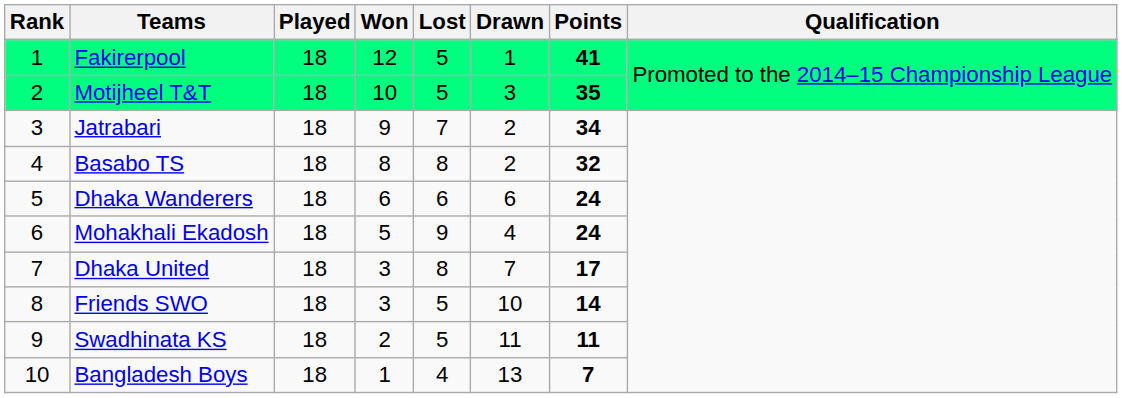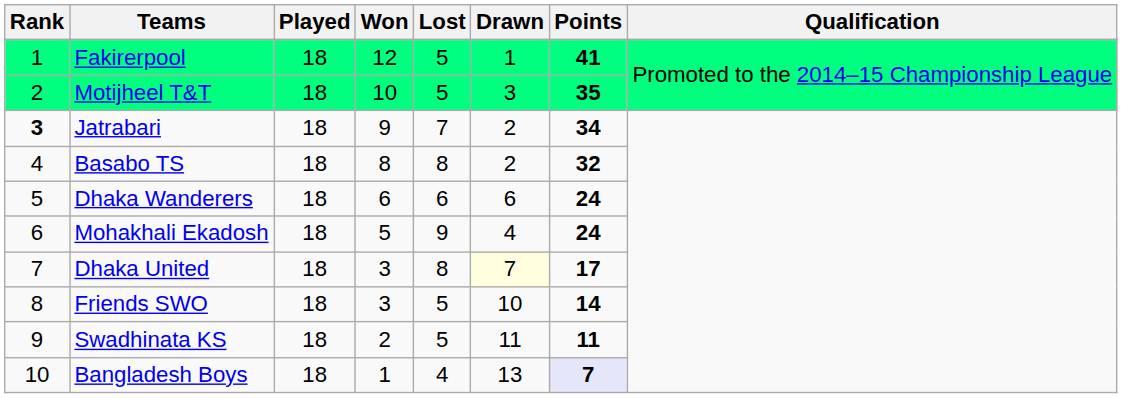 <table class="wikitable">
 <tr>
 <th>Rank</th>
 <th>Teams</th>
 <th>Played</th>
 <th>Won</th>
 <th>Lost</th>
 <th>Drawn</th>
 <th>Points</th>
 <th>Qualification</th>
 </tr>
 <tr>
 </tr>
 <tr bgcolor=#00FF7F>
 <td style="text-align:center">1</td>
 <td><a href='#'>Fakirerpool</a></td>
 <td style="text-align:center">18</td>
 <td style="text-align:center">12</td>
 <td style="text-align:center">5</td>
 <td style="text-align:center">1</td>
 <td style="text-align:center"><strong>41</strong></td>
 <td rowspan=2>Promoted to the <a href='#'>2014–15 Championship League</a></td>
 </tr>
 <tr bgcolor=#00FF7F>
 <td style="text-align:center">2</td>
 <td><a href='#'>Motijheel T&T</a></td>
 <td style="text-align:center">18</td>
 <td style="text-align:center">10</td>
 <td style="text-align:center">5</td>
 <td style="text-align:center">3</td>
 <td style="text-align:center"><strong>35</strong></td>
 </tr>
 <tr>
-<td style="text-align:center">3</td>
+<td style="text-align:center"><strong>3</strong></td>
 <td><a href='#'>Jatrabari</a></td>
 <td style="text-align:center">18</td>
 <td style="text-align:center">9</td>
 <td style="text-align:center">7</td>
 <td style="text-align:center">2</td>
 <td style="text-align:center"><strong>34</strong></td>
 </tr>
 <tr>
 <td style="text-align:center">4</td>
 <td><a href='#'>Basabo TS</a></td>
 <td style="text-align:center">18</td>
 <td style="text-align:center">8</td>
 <td style="text-align:center">8</td>
 <td style="text-align:center">2</td>
 <td style="text-align:center"><strong>32</strong></td>
 </tr>
 <tr>
 <td style="text-align:center">5</td>
 <td><a href='#'>Dhaka Wanderers</a></td>
 <td style="text-align:center">18</td>
 <td style="text-align:center">6</td>
 <td style="text-align:center">6</td>
 <td style="text-align:center">6</td>
 <td style="text-align:center"><strong>24</strong></td>
 </tr>
 <tr>
 <td style="text-align:center">6</td>
 <td><a href='#'>Mohakhali Ekadosh</a></td>
 <td style="text-align:center">18</td>
 <td style="text-align:center">5</td>
 <td style="text-align:center">9</td>
 <td style="text-align:center">4</td>
 <td style="text-align:center"><strong>24</strong></td>
 </tr>
 <tr>
 <td style="text-align:center">7</td>
 <td><a href='#'>Dhaka United</a></td>
 <td style="text-align:center">18</td>
 <td style="text-align:center">3</td>
 <td style="text-align:center">8</td>
-<td style="text-align:center">7</td>
+<td style="background: lightyellow; text-align:center">7</td>
 <td style="text-align:center"><strong>17</strong></td>
 </tr>
 <tr>
 <td style="text-align:center">8</td>
 <td><a href='#'>Friends SWO</a></td>
 <td style="text-align:center">18</td>
 <td style="text-align:center">3</td>
 <td style="text-align:center">5</td>
 <td style="text-align:center">10</td>
 <td style="text-align:center"><strong>14</strong></td>
 </tr>
 <tr>
 <td style="text-align:center">9</td>
 <td><a href='#'>Swadhinata KS</a></td>
 <td style="text-align:center">18</td>
 <td style="text-align:center">2</td>
 <td style="text-align:center">5</td>
 <td style="text-align:center">11</td>
 <td style="text-align:center"><strong>11</strong></td>
 </tr>
 <tr>
 <td style="text-align:center">10</td>
 <td><a href='#'>Bangladesh Boys</a></td>
 <td style="text-align:center">18</td>
 <td style="text-align:center">1</td>
 <td style="text-align:center">4</td>
 <td style="text-align:center">13</td>
-<td style="text-align:center"><strong>7</strong></td>
+<td style="background: lavender; text-align:center"><strong>7</strong></td>
 </tr>
 </table>
